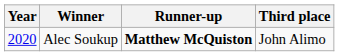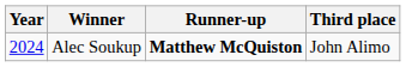 <table class="wikitable sortable" style="display: inline-table;">
 <tr>
 <th>Year</th>
 <th>Winner</th>
 <th>Runner-up</th>
 <th>Third place</th>
 </tr>
 <tr>
-<td><a href='#'>2020</a></td>
+<td><a href='#'>2024</a></td>
 <td> Alec Soukup</td>
 <td><strong> Matthew McQuiston</strong></td>
 <td> John Alimo</td>
 </tr>
 </table>
